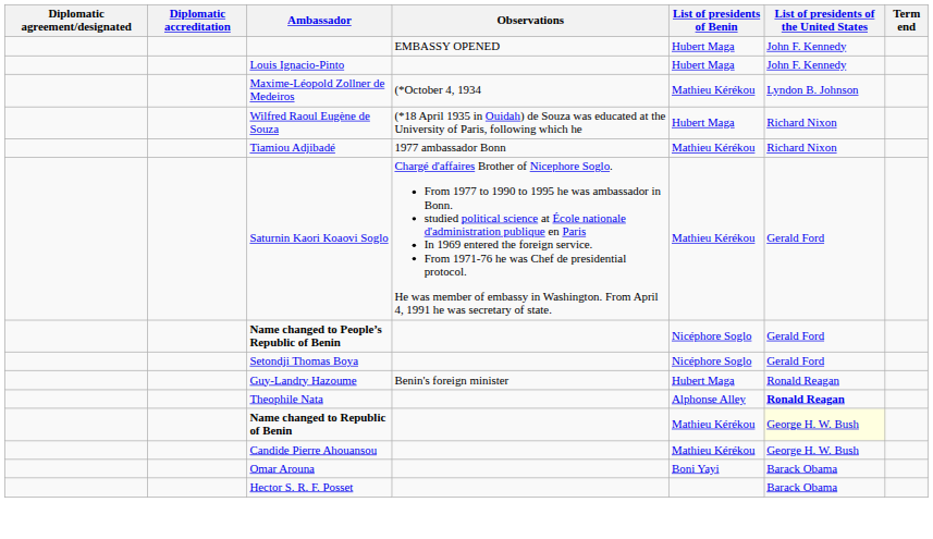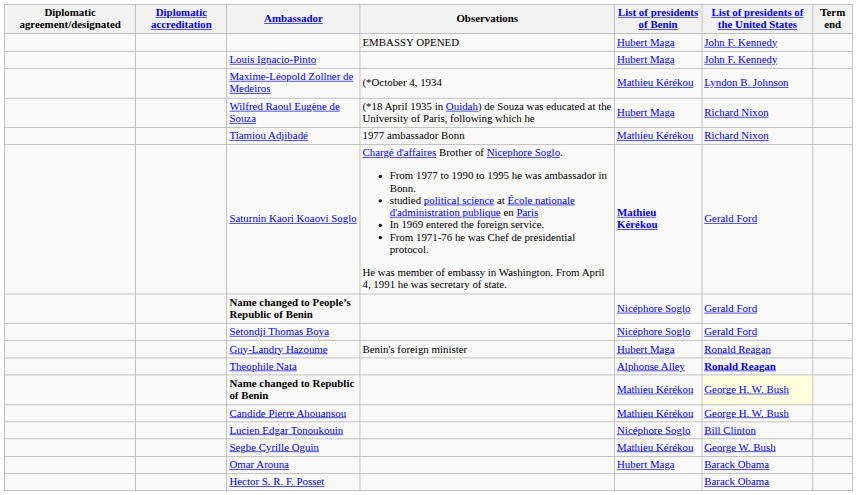 <table class="wikitable sortable">
 <tr>
 <th>Diplomatic agreement/designated</th>
 <th><a href='#'>Diplomatic accreditation</a></th>
 <th><a href='#'>Ambassador</a></th>
 <th>Observations</th>
 <th><a href='#'>List of presidents of Benin</a></th>
 <th><a href='#'>List of presidents of the United States</a></th>
 <th>Term end</th>
 </tr>
 <tr>
 <td></td>
 <td></td>
 <td></td>
 <td>EMBASSY OPENED</td>
 <td><a href='#'>Hubert Maga</a></td>
 <td><a href='#'>John F. Kennedy</a></td>
 <td></td>
 </tr>
 <tr>
 <td></td>
 <td></td>
 <td><a href='#'>Louis Ignacio-Pinto</a></td>
 <td></td>
 <td><a href='#'>Hubert Maga</a></td>
 <td><a href='#'>John F. Kennedy</a></td>
 <td></td>
 </tr>
 <tr>
 <td></td>
 <td></td>
 <td><a href='#'>Maxime-Léopold Zollner de Medeiros</a></td>
 <td>(*October 4, 1934</td>
 <td><a href='#'>Mathieu Kérékou</a></td>
 <td><a href='#'>Lyndon B. Johnson</a></td>
 <td></td>
 </tr>
 <tr>
 <td></td>
 <td></td>
 <td><a href='#'>Wilfred Raoul Eugène de Souza</a></td>
 <td>(*18 April 1935 in <a href='#'>Ouidah</a>) de Souza was educated at the University of Paris, following which he</td>
 <td><a href='#'>Hubert Maga</a></td>
 <td><a href='#'>Richard Nixon</a></td>
 <td></td>
 </tr>
 <tr>
 <td></td>
 <td></td>
 <td><a href='#'>Tiamiou Adjibadé</a></td>
 <td>1977 ambassador Bonn</td>
 <td><a href='#'>Mathieu Kérékou</a></td>
 <td><a href='#'>Richard Nixon</a></td>
 <td></td>
 </tr>
 <tr>
 <td></td>
 <td></td>
 <td><a href='#'>Saturnin Kaori Koaovi Soglo</a></td>
 <td><a href='#'>Chargé d'affaires</a> Brother of <a href='#'>Nicephore Soglo</a>.<br><ul><li>From 1977 to 1990 to 1995 he was ambassador in Bonn.</li><li>studied <a href='#'>political science</a> at <a href='#'>École nationale d'administration publique</a> en <a href='#'>Paris</a></li><li>In 1969 entered the foreign service.</li><li>From 1971-76 he was Chef de presidential protocol.</li></ul>He was member of embassy in Washington. From April 4, 1991 he was secretary of state.</td>
-<td><a href='#'>Mathieu Kérékou</a></td>
+<td><strong><a href='#'>Mathieu Kérékou</a></strong></td>
 <td><a href='#'>Gerald Ford</a></td>
 <td></td>
 </tr>
 <tr>
 <td></td>
 <td></td>
 <td><strong>Name changed to People’s Republic of Benin</strong></td>
 <td></td>
 <td><a href='#'>Nicéphore Soglo</a></td>
 <td><a href='#'>Gerald Ford</a></td>
 <td></td>
 </tr>
 <tr>
 <td></td>
 <td></td>
 <td><a href='#'>Setondji Thomas Boya</a></td>
 <td></td>
 <td><a href='#'>Nicéphore Soglo</a></td>
 <td><a href='#'>Gerald Ford</a></td>
 <td></td>
 </tr>
 <tr>
 <td></td>
 <td></td>
 <td><a href='#'>Guy-Landry Hazoume</a></td>
 <td>Benin's foreign minister</td>
 <td><a href='#'>Hubert Maga</a></td>
 <td><a href='#'>Ronald Reagan</a></td>
 <td></td>
 </tr>
 <tr>
 <td></td>
 <td></td>
 <td><a href='#'>Theophile Nata</a></td>
 <td></td>
 <td><a href='#'>Alphonse Alley</a></td>
 <td><strong><a href='#'>Ronald Reagan</a></strong></td>
 <td></td>
 </tr>
 <tr>
 <td></td>
 <td></td>
 <td><strong>Name changed to Republic of Benin</strong></td>
 <td></td>
 <td><a href='#'>Mathieu Kérékou</a></td>
 <td style="background: lightyellow;"><a href='#'>George H. W. Bush</a></td>
 <td></td>
 </tr>
 <tr>
 <td></td>
 <td></td>
 <td><a href='#'>Candide Pierre Ahouansou</a></td>
 <td></td>
 <td><a href='#'>Mathieu Kérékou</a></td>
 <td><a href='#'>George H. W. Bush</a></td>
 <td></td>
 </tr>
 <tr>
 <td></td>
 <td></td>
+<td><a href='#'>Lucien Edgar Tonoukouin</a></td>
+<td></td>
+<td><a href='#'>Nicéphore Soglo</a></td>
+<td><a href='#'>Bill Clinton</a></td>
+<td></td>
+</tr>
+<tr>
+<td></td>
+<td></td>
+<td><a href='#'>Segbe Cyrille Oguin</a></td>
+<td></td>
+<td><a href='#'>Mathieu Kérékou</a></td>
+<td><a href='#'>George W. Bush</a></td>
+<td></td>
+</tr>
+<tr>
+<td></td>
+<td></td>
 <td><a href='#'>Omar Arouna</a></td>
 <td></td>
-<td><a href='#'>Boni Yayi</a></td>
+<td><a href='#'>Hubert Maga</a></td>
 <td><a href='#'>Barack Obama</a></td>
 <td></td>
 </tr>
 <tr>
 <td></td>
 <td></td>
 <td><a href='#'>Hector S. R. F. Posset</a></td>
 <td></td>
 <td></td>
 <td><a href='#'>Barack Obama</a></td>
 <td></td>
 </tr>
 </table>
